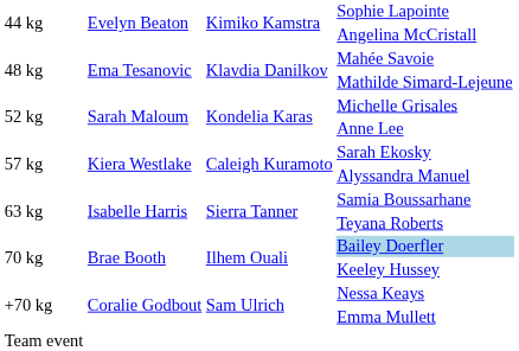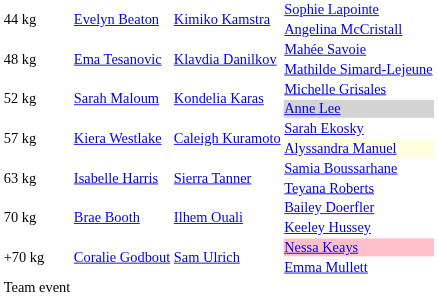 <table>
 <tr>
 <td rowspan=2>44 kg</td>
 <td rowspan=2><a href='#'>Evelyn Beaton</a><br></td>
 <td rowspan=2><a href='#'>Kimiko Kamstra</a><br></td>
 <td><a href='#'>Sophie Lapointe</a><br></td>
 </tr>
 <tr>
 <td><a href='#'>Angelina McCristall</a><br></td>
 </tr>
 <tr>
 <td rowspan=2>48 kg</td>
 <td rowspan=2><a href='#'>Ema Tesanovic</a><br></td>
 <td rowspan=2><a href='#'>Klavdia Danilkov</a><br></td>
 <td><a href='#'>Mahée Savoie</a><br></td>
 </tr>
 <tr>
 <td><a href='#'>Mathilde Simard-Lejeune</a><br></td>
 </tr>
 <tr>
 <td rowspan=2>52 kg</td>
 <td rowspan=2><a href='#'>Sarah Maloum</a><br></td>
 <td rowspan=2><a href='#'>Kondelia Karas</a><br></td>
 <td><a href='#'>Michelle Grisales</a><br></td>
 </tr>
 <tr>
-<td><a href='#'>Anne Lee</a><br></td>
+<td style="background: lightgrey;"><a href='#'>Anne Lee</a><br></td>
 </tr>
 <tr>
 <td rowspan=2>57 kg</td>
 <td rowspan=2><a href='#'>Kiera Westlake</a><br></td>
 <td rowspan=2><a href='#'>Caleigh Kuramoto</a><br></td>
 <td><a href='#'>Sarah Ekosky</a><br></td>
 </tr>
 <tr>
-<td><a href='#'>Alyssandra Manuel</a><br></td>
+<td style="background: lightyellow;"><a href='#'>Alyssandra Manuel</a><br></td>
 </tr>
 <tr>
 <td rowspan=2>63 kg</td>
 <td rowspan=2><a href='#'>Isabelle Harris</a><br></td>
 <td rowspan=2><a href='#'>Sierra Tanner</a><br></td>
 <td><a href='#'>Samia Boussarhane</a><br></td>
 </tr>
 <tr>
 <td><a href='#'>Teyana Roberts</a><br></td>
 </tr>
 <tr>
 <td rowspan=2>70 kg</td>
 <td rowspan=2><a href='#'>Brae Booth</a><br></td>
 <td rowspan=2><a href='#'>Ilhem Ouali</a><br></td>
-<td style="background: lightblue;"><a href='#'>Bailey Doerfler</a><br></td>
+<td><a href='#'>Bailey Doerfler</a><br></td>
 </tr>
 <tr>
 <td><a href='#'>Keeley Hussey</a><br></td>
 </tr>
 <tr>
 <td rowspan=2>+70 kg</td>
 <td rowspan=2><a href='#'>Coralie Godbout</a><br></td>
 <td rowspan=2><a href='#'>Sam Ulrich</a><br></td>
-<td><a href='#'>Nessa Keays</a><br></td>
+<td style="background: pink;"><a href='#'>Nessa Keays</a><br></td>
 </tr>
 <tr>
 <td><a href='#'>Emma Mullett</a><br></td>
 </tr>
 <tr>
 <td rowspan=2>Team event</td>
 <td rowspan=2></td>
 <td rowspan=2></td>
 <td></td>
 </tr>
 <tr>
 <td></td>
 </tr>
 </table>
